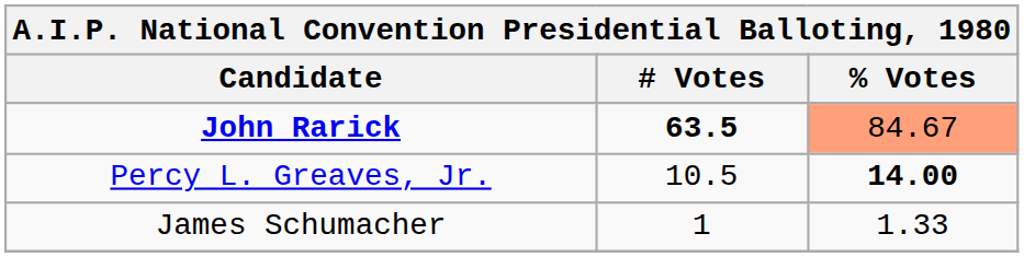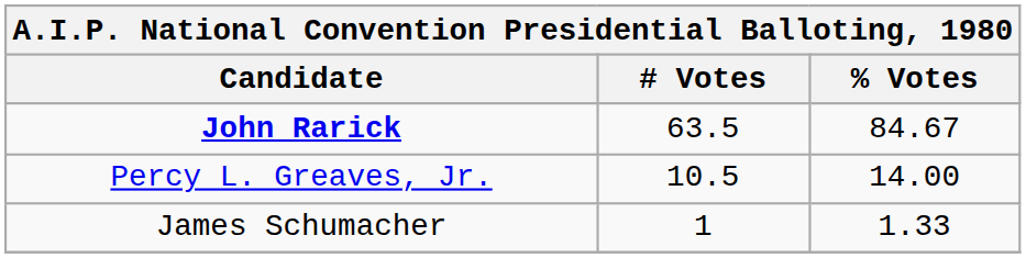 <table class=wikitable style="text-align:center;">
 <tr bgcolor=lightgrey>
 <th colspan="4">A.I.P. National Convention Presidential Balloting, 1980 </th>
 </tr>
 <tr bgcolor=lightgrey>
 <th>Candidate</th>
 <th># Votes</th>
 <th>% Votes</th>
 </tr>
 <tr>
 <td><strong><a href='#'>John Rarick</a></strong></td>
-<td><strong>63.5</strong></td>
-<td style="background: lightsalmon;">84.67</td>
+<td>63.5</td>
+<td>84.67</td>
 </tr>
 <tr>
 <td><a href='#'>Percy L. Greaves, Jr.</a></td>
 <td>10.5</td>
-<td><strong>14.00</strong></td>
+<td>14.00</td>
 </tr>
 <tr>
 <td>James Schumacher</td>
 <td>1</td>
 <td>1.33</td>
 </tr>
 <tr>
 </tr>
 </table>
